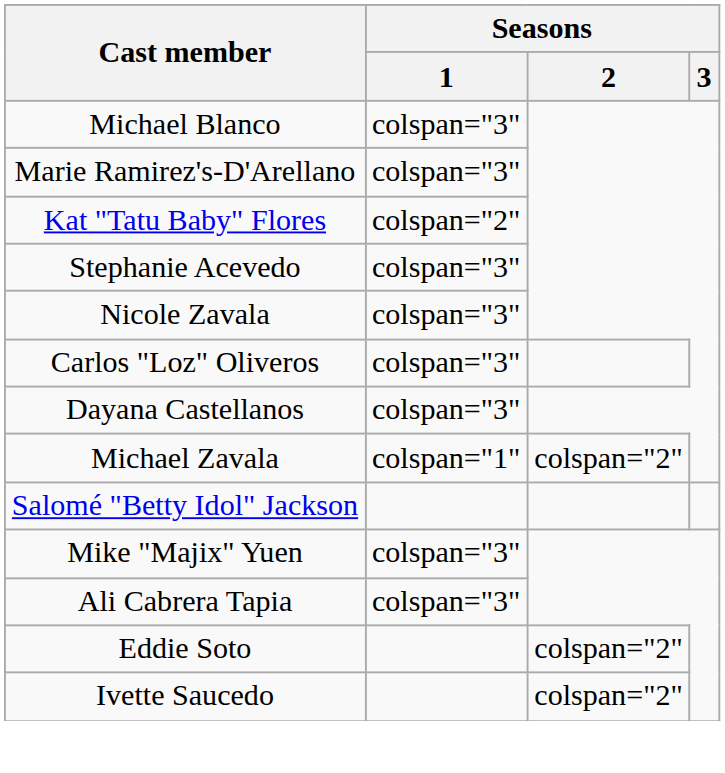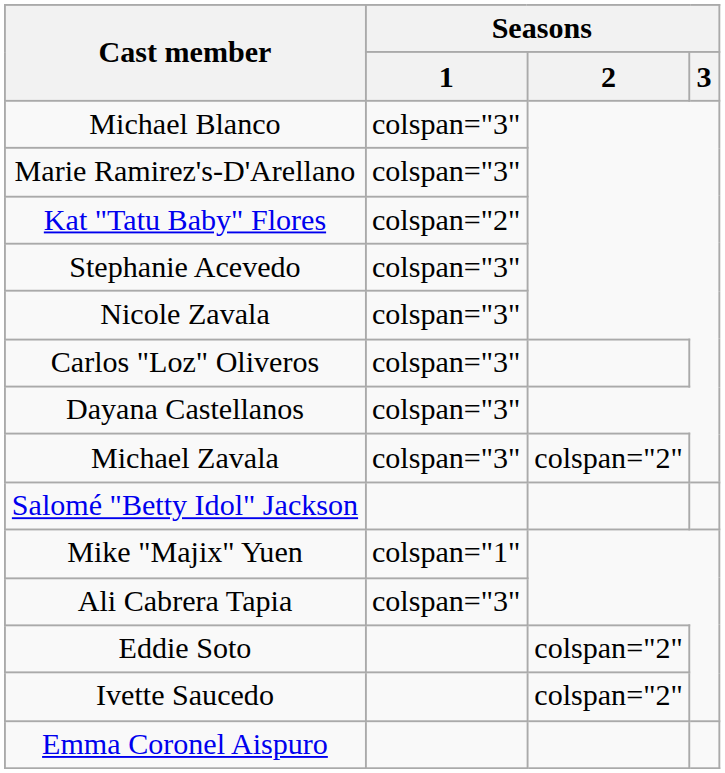 <table class="wikitable plainrowheaders" style="text-align:center;">
 <tr>
 <th scope="col" rowspan="2">Cast member</th>
 <th scope="colgroup" colspan="3">Seasons</th>
 </tr>
 <tr>
 <th scope="col">1</th>
 <th scope="col">2</th>
 <th scope="col">3</th>
 </tr>
 <tr>
 <td scope="row">Michael Blanco</td>
 <td>colspan="3" </td>
 </tr>
 <tr>
 <td scope="row">Marie Ramirez's-D'Arellano</td>
 <td>colspan="3" </td>
 </tr>
 <tr>
 <td scope="row"><a href='#'>Kat "Tatu Baby" Flores</a></td>
 <td>colspan="2" </td>
 </tr>
 <tr>
 <td scope="row">Stephanie Acevedo</td>
 <td>colspan="3" </td>
 </tr>
 <tr>
 <td scope="row">Nicole Zavala</td>
 <td>colspan="3" </td>
 </tr>
 <tr>
 <td scope="row">Carlos "Loz" Oliveros</td>
 <td>colspan="3" </td>
 <td></td>
 </tr>
 <tr>
 <td scope="row">Dayana Castellanos</td>
 <td>colspan="3" </td>
 </tr>
 <tr>
 <td scope="row">Michael Zavala</td>
-<td>colspan="1" </td>
+<td>colspan="3" </td>
 <td>colspan="2" </td>
 </tr>
 <tr>
 <td scope="row"><a href='#'>Salomé "Betty Idol" Jackson</a></td>
 <td></td>
 <td></td>
 <td></td>
 </tr>
 <tr>
 <td scope="row">Mike "Majix" Yuen</td>
-<td>colspan="3" </td>
+<td>colspan="1" </td>
 </tr>
 <tr>
 <td scope="row">Ali Cabrera Tapia</td>
 <td>colspan="3" </td>
 </tr>
 <tr>
 <td scope="row">Eddie Soto</td>
 <td></td>
 <td>colspan="2" </td>
 </tr>
 <tr>
 <td scope="row">Ivette Saucedo</td>
 <td></td>
 <td>colspan="2" </td>
 </tr>
+<tr>
+<td scope="row"><a href='#'>Emma Coronel Aispuro</a></td>
+<td></td>
+<td></td>
+<td></td>
+</tr>
 </table>
